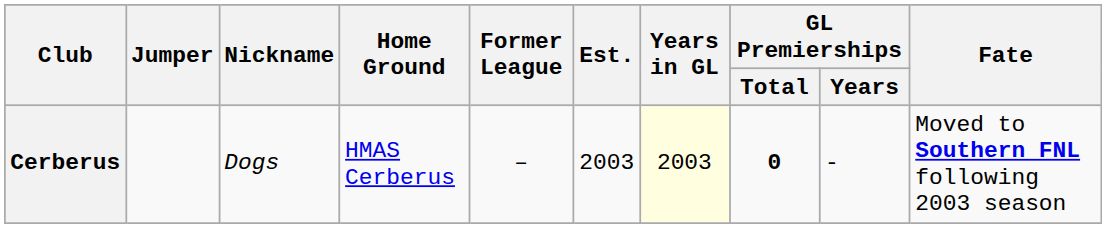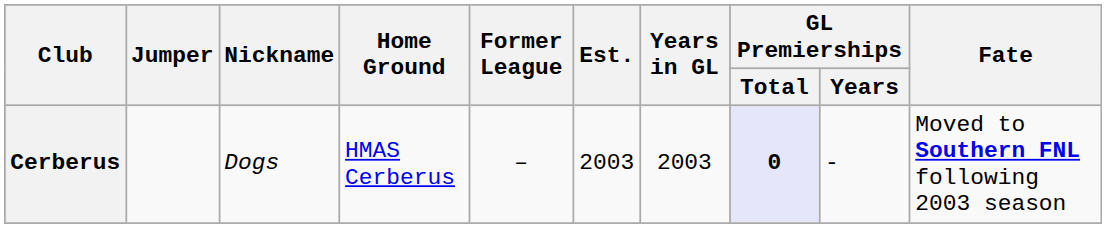 <table class="wikitable sortable" style="width:100%; text-align:center; font-size:100%;">
 <tr>
 <th rowspan="2">Club</th>
 <th rowspan="2">Jumper</th>
 <th rowspan="2">Nickname</th>
 <th rowspan="2">Home Ground</th>
 <th rowspan="2">Former League</th>
 <th rowspan="2">Est.</th>
 <th rowspan="2">Years in GL</th>
 <th colspan="2">GL Premierships</th>
 <th rowspan="2">Fate</th>
 </tr>
 <tr>
 <th>Total</th>
 <th>Years</th>
 </tr>
 <tr>
 <th style="text-align:left">Cerberus</th>
 <td></td>
 <td align="left"><em>Dogs</em></td>
 <td align="left"><a href='#'>HMAS Cerberus</a></td>
 <td>–</td>
 <td>2003</td>
-<td style="background: lightyellow;">2003</td>
-<td><strong>0</strong></td>
+<td>2003</td>
+<td style="background: lavender;"><strong>0</strong></td>
 <td align="left">-</td>
 <td align="left">Moved to <a href='#'><strong>Southern FNL</strong></a> following 2003 season</td>
 </tr>
 </table>
